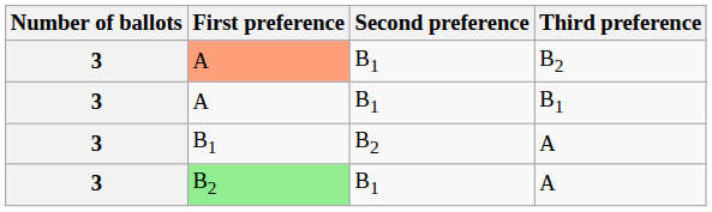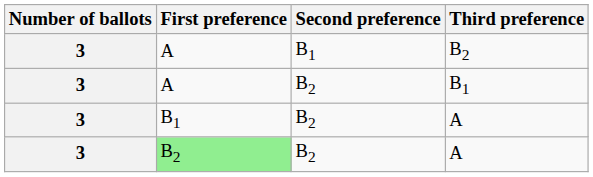 <table class="wikitable">
 <tr>
 <th>Number of ballots</th>
 <th>First preference</th>
 <th>Second preference</th>
 <th>Third preference</th>
 </tr>
 <tr>
 <th>3</th>
-<td style="background: lightsalmon;">A</td>
+<td>A</td>
 <td>B<sub>1</sub></td>
 <td>B<sub>2</sub></td>
 </tr>
 <tr>
 <th>3</th>
 <td>A</td>
-<td>B<sub>1</sub></td>
+<td>B<sub>2</sub></td>
 <td>B<sub>1</sub></td>
 </tr>
 <tr>
 <th>3</th>
 <td>B<sub>1</sub></td>
 <td>B<sub>2</sub></td>
 <td>A</td>
 </tr>
 <tr>
 <th>3</th>
 <td style="background: lightgreen;">B<sub>2</sub></td>
-<td>B<sub>1</sub></td>
+<td>B<sub>2</sub></td>
 <td>A</td>
 </tr>
 </table>
